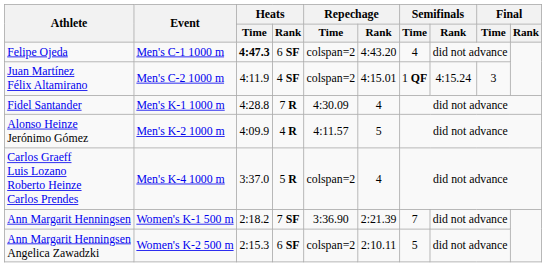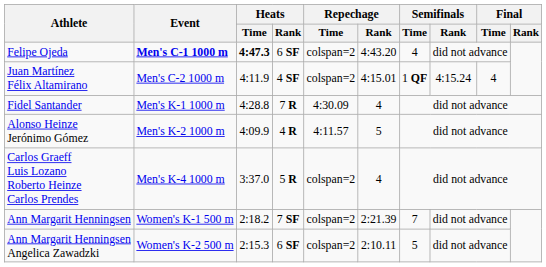 <table class=wikitable style=font-size:90%>
 <tr>
 <th rowspan=2>Athlete</th>
 <th rowspan=2>Event</th>
 <th colspan=2>Heats</th>
 <th colspan=2>Repechage</th>
 <th colspan=2>Semifinals</th>
 <th colspan=2>Final</th>
 </tr>
 <tr style=font-size:95%>
 <th>Time</th>
 <th>Rank</th>
 <th>Time</th>
 <th>Rank</th>
 <th>Time</th>
 <th>Rank</th>
 <th>Time</th>
 <th>Rank</th>
 </tr>
 <tr align=center>
 <td align=left><a href='#'>Felipe Ojeda</a></td>
-<td align=left><a href='#'>Men's C-1 1000 m</a></td>
+<td align=left><strong><a href='#'>Men's C-1 1000 m</a></strong></td>
 <td><strong>4:47.3</strong></td>
 <td>6 <strong>SF</strong></td>
 <td>colspan=2 </td>
 <td>4:43.20</td>
 <td>4</td>
 <td colspan=2>did not advance</td>
 </tr>
 <tr align=center>
 <td align=left><a href='#'>Juan Martínez</a><br><a href='#'>Félix Altamirano</a></td>
 <td align=left><a href='#'>Men's C-2 1000 m</a></td>
 <td>4:11.9</td>
 <td>4 <strong>SF</strong></td>
 <td>colspan=2 </td>
 <td>4:15.01</td>
 <td>1 <strong>QF</strong></td>
 <td>4:15.24</td>
-<td>3</td>
+<td>4</td>
 </tr>
 <tr align=center>
 <td align=left><a href='#'>Fidel Santander</a></td>
 <td align=left><a href='#'>Men's K-1 1000 m</a></td>
 <td>4:28.8</td>
 <td>7 <strong>R</strong></td>
 <td>4:30.09</td>
 <td>4</td>
 <td colspan=4>did not advance</td>
 </tr>
 <tr align=center>
 <td align=left><a href='#'>Alonso Heinze</a><br>Jerónimo Gómez</td>
 <td align=left><a href='#'>Men's K-2 1000 m</a></td>
 <td>4:09.9</td>
 <td>4 <strong>R</strong></td>
 <td>4:11.57</td>
 <td>5</td>
 <td colspan=4>did not advance</td>
 </tr>
 <tr align=center>
 <td align=left><a href='#'>Carlos Graeff</a><br><a href='#'>Luis Lozano</a><br><a href='#'>Roberto Heinze</a><br><a href='#'>Carlos Prendes</a></td>
 <td align=left><a href='#'>Men's K-4 1000 m</a></td>
 <td>3:37.0</td>
 <td>5 <strong>R</strong></td>
 <td>colspan=2 </td>
 <td>4</td>
 <td colspan=4>did not advance</td>
 </tr>
 <tr align=center>
 <td align=left><a href='#'>Ann Margarit Henningsen</a></td>
 <td align=left><a href='#'>Women's K-1 500 m</a></td>
 <td>2:18.2</td>
 <td>7 <strong>SF</strong></td>
-<td>3:36.90</td>
+<td>colspan=2 </td>
 <td>2:21.39</td>
 <td>7</td>
 <td colspan=2>did not advance</td>
 </tr>
 <tr align=center>
 <td align=left><a href='#'>Ann Margarit Henningsen</a><br>Angelica Zawadzki</td>
 <td align=left><a href='#'>Women's K-2 500 m</a></td>
 <td>2:15.3</td>
 <td>6 <strong>SF</strong></td>
 <td>colspan=2 </td>
 <td>2:10.11</td>
 <td>5</td>
 <td colspan=2>did not advance</td>
 </tr>
 </table>
